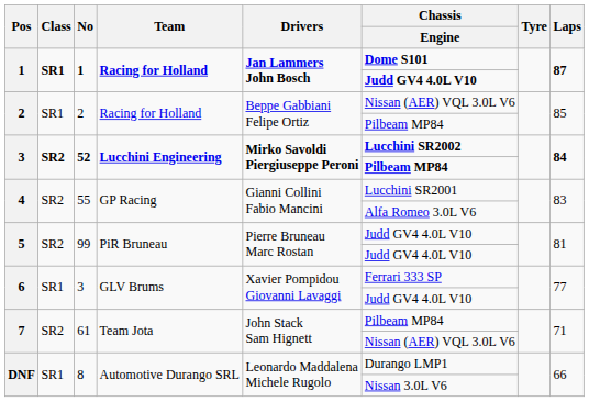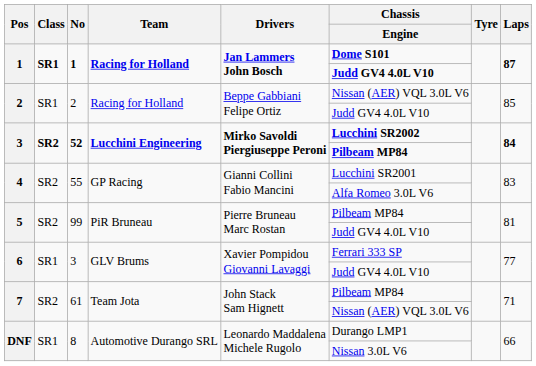 <table class="wikitable" style="font-size: 95%;">
 <tr>
 <th rowspan=2>Pos</th>
 <th rowspan=2>Class</th>
 <th rowspan=2>No</th>
 <th rowspan=2>Team</th>
 <th rowspan=2>Drivers</th>
 <th>Chassis</th>
 <th rowspan=2>Tyre</th>
 <th rowspan=2>Laps</th>
 </tr>
 <tr>
 <th>Engine</th>
 </tr>
 <tr style="font-weight:bold">
 <th rowspan=2>1</th>
 <td rowspan=2>SR1</td>
 <td rowspan=2>1</td>
 <td rowspan=2> <a href='#'>Racing for Holland</a></td>
 <td rowspan=2> <a href='#'>Jan Lammers</a><br> John Bosch</td>
 <td><a href='#'>Dome</a> S101</td>
 <td rowspan=2></td>
 <td rowspan=2>87</td>
 </tr>
 <tr style="font-weight:bold">
 <td><a href='#'>Judd</a> GV4 4.0L V10</td>
 </tr>
 <tr>
 <th rowspan=2>2</th>
 <td rowspan=2>SR1</td>
 <td rowspan=2>2</td>
 <td rowspan=2> <a href='#'>Racing for Holland</a></td>
 <td rowspan=2> <a href='#'>Beppe Gabbiani</a><br> Felipe Ortiz</td>
 <td><a href='#'>Nissan</a> (<a href='#'>AER</a>) VQL 3.0L V6</td>
 <td rowspan=2></td>
 <td rowspan=2>85</td>
 </tr>
 <tr>
-<td><a href='#'>Pilbeam</a> MP84</td>
+<td><a href='#'>Judd</a> GV4 4.0L V10</td>
 </tr>
 <tr style="font-weight:bold">
 <th rowspan=2>3</th>
 <td rowspan=2>SR2</td>
 <td rowspan=2>52</td>
 <td rowspan=2> <a href='#'>Lucchini Engineering</a></td>
 <td rowspan=2> Mirko Savoldi<br> Piergiuseppe Peroni</td>
 <td><a href='#'>Lucchini</a> SR2002</td>
 <td rowspan=2></td>
 <td rowspan=2>84</td>
 </tr>
 <tr style="font-weight:bold">
 <td><a href='#'>Pilbeam</a> MP84</td>
 </tr>
 <tr>
 <th rowspan=2>4</th>
 <td rowspan=2>SR2</td>
 <td rowspan=2>55</td>
 <td rowspan=2> GP Racing</td>
 <td rowspan=2> Gianni Collini<br> Fabio Mancini</td>
 <td><a href='#'>Lucchini</a> SR2001</td>
 <td rowspan=2></td>
 <td rowspan=2>83</td>
 </tr>
 <tr>
 <td><a href='#'>Alfa Romeo</a> 3.0L V6</td>
 </tr>
 <tr>
 <th rowspan=2>5</th>
 <td rowspan=2>SR2</td>
 <td rowspan=2>99</td>
 <td rowspan=2> PiR Bruneau</td>
 <td rowspan=2> Pierre Bruneau<br> Marc Rostan</td>
-<td><a href='#'>Judd</a> GV4 4.0L V10</td>
+<td><a href='#'>Pilbeam</a> MP84</td>
 <td rowspan=2></td>
 <td rowspan=2>81</td>
 </tr>
 <tr>
 <td><a href='#'>Judd</a> GV4 4.0L V10</td>
 </tr>
 <tr>
 <th rowspan=2>6</th>
 <td rowspan=2>SR1</td>
 <td rowspan=2>3</td>
 <td rowspan=2> GLV Brums</td>
 <td rowspan=2> Xavier Pompidou<br> <a href='#'>Giovanni Lavaggi</a></td>
 <td><a href='#'>Ferrari 333 SP</a></td>
 <td rowspan=2></td>
 <td rowspan=2>77</td>
 </tr>
 <tr>
 <td><a href='#'>Judd</a> GV4 4.0L V10</td>
 </tr>
 <tr>
 <th rowspan=2>7</th>
 <td rowspan=2>SR2</td>
 <td rowspan=2>61</td>
 <td rowspan=2> Team Jota</td>
 <td rowspan=2> John Stack<br> Sam Hignett</td>
 <td><a href='#'>Pilbeam</a> MP84</td>
 <td rowspan=2></td>
 <td rowspan=2>71</td>
 </tr>
 <tr>
 <td><a href='#'>Nissan</a> (<a href='#'>AER</a>) VQL 3.0L V6</td>
 </tr>
 <tr>
 <th rowspan=2>DNF</th>
 <td rowspan=2>SR1</td>
 <td rowspan=2>8</td>
 <td rowspan=2> Automotive Durango SRL</td>
 <td rowspan=2> Leonardo Maddalena<br> Michele Rugolo</td>
 <td>Durango LMP1</td>
 <td rowspan=2></td>
 <td rowspan=2>66</td>
 </tr>
 <tr>
 <td><a href='#'>Nissan</a> 3.0L V6</td>
 </tr>
 </table>
